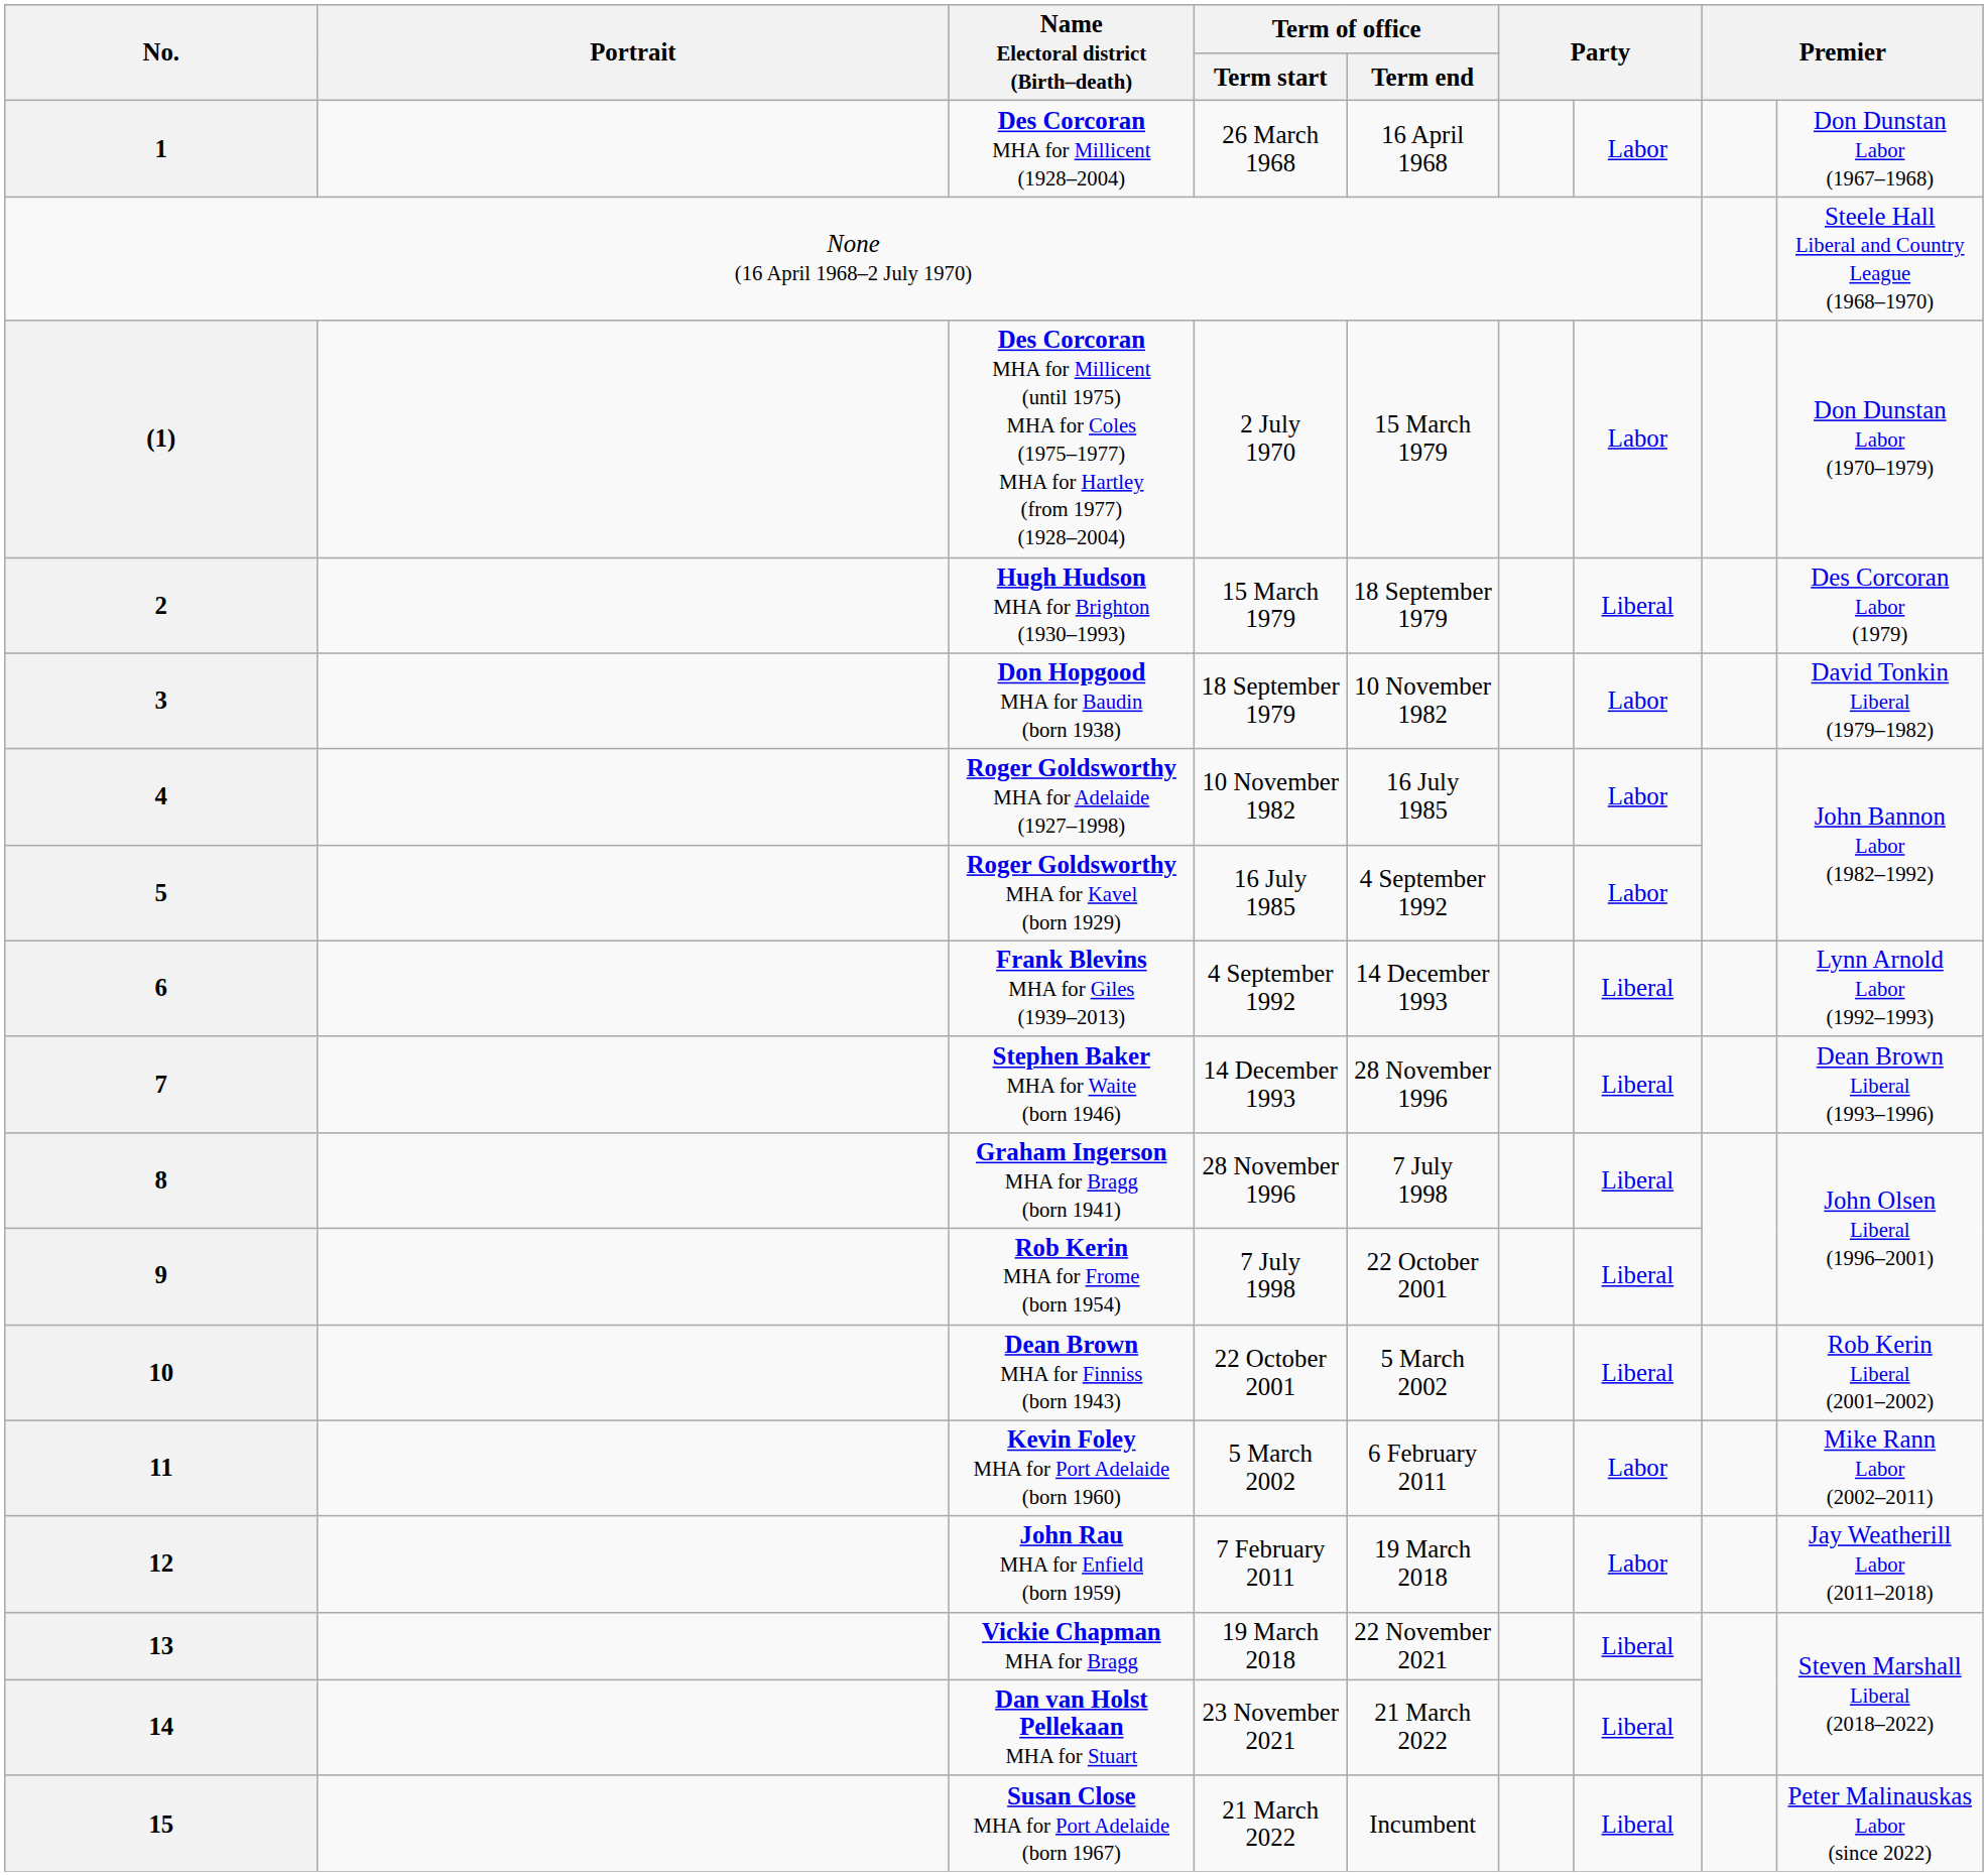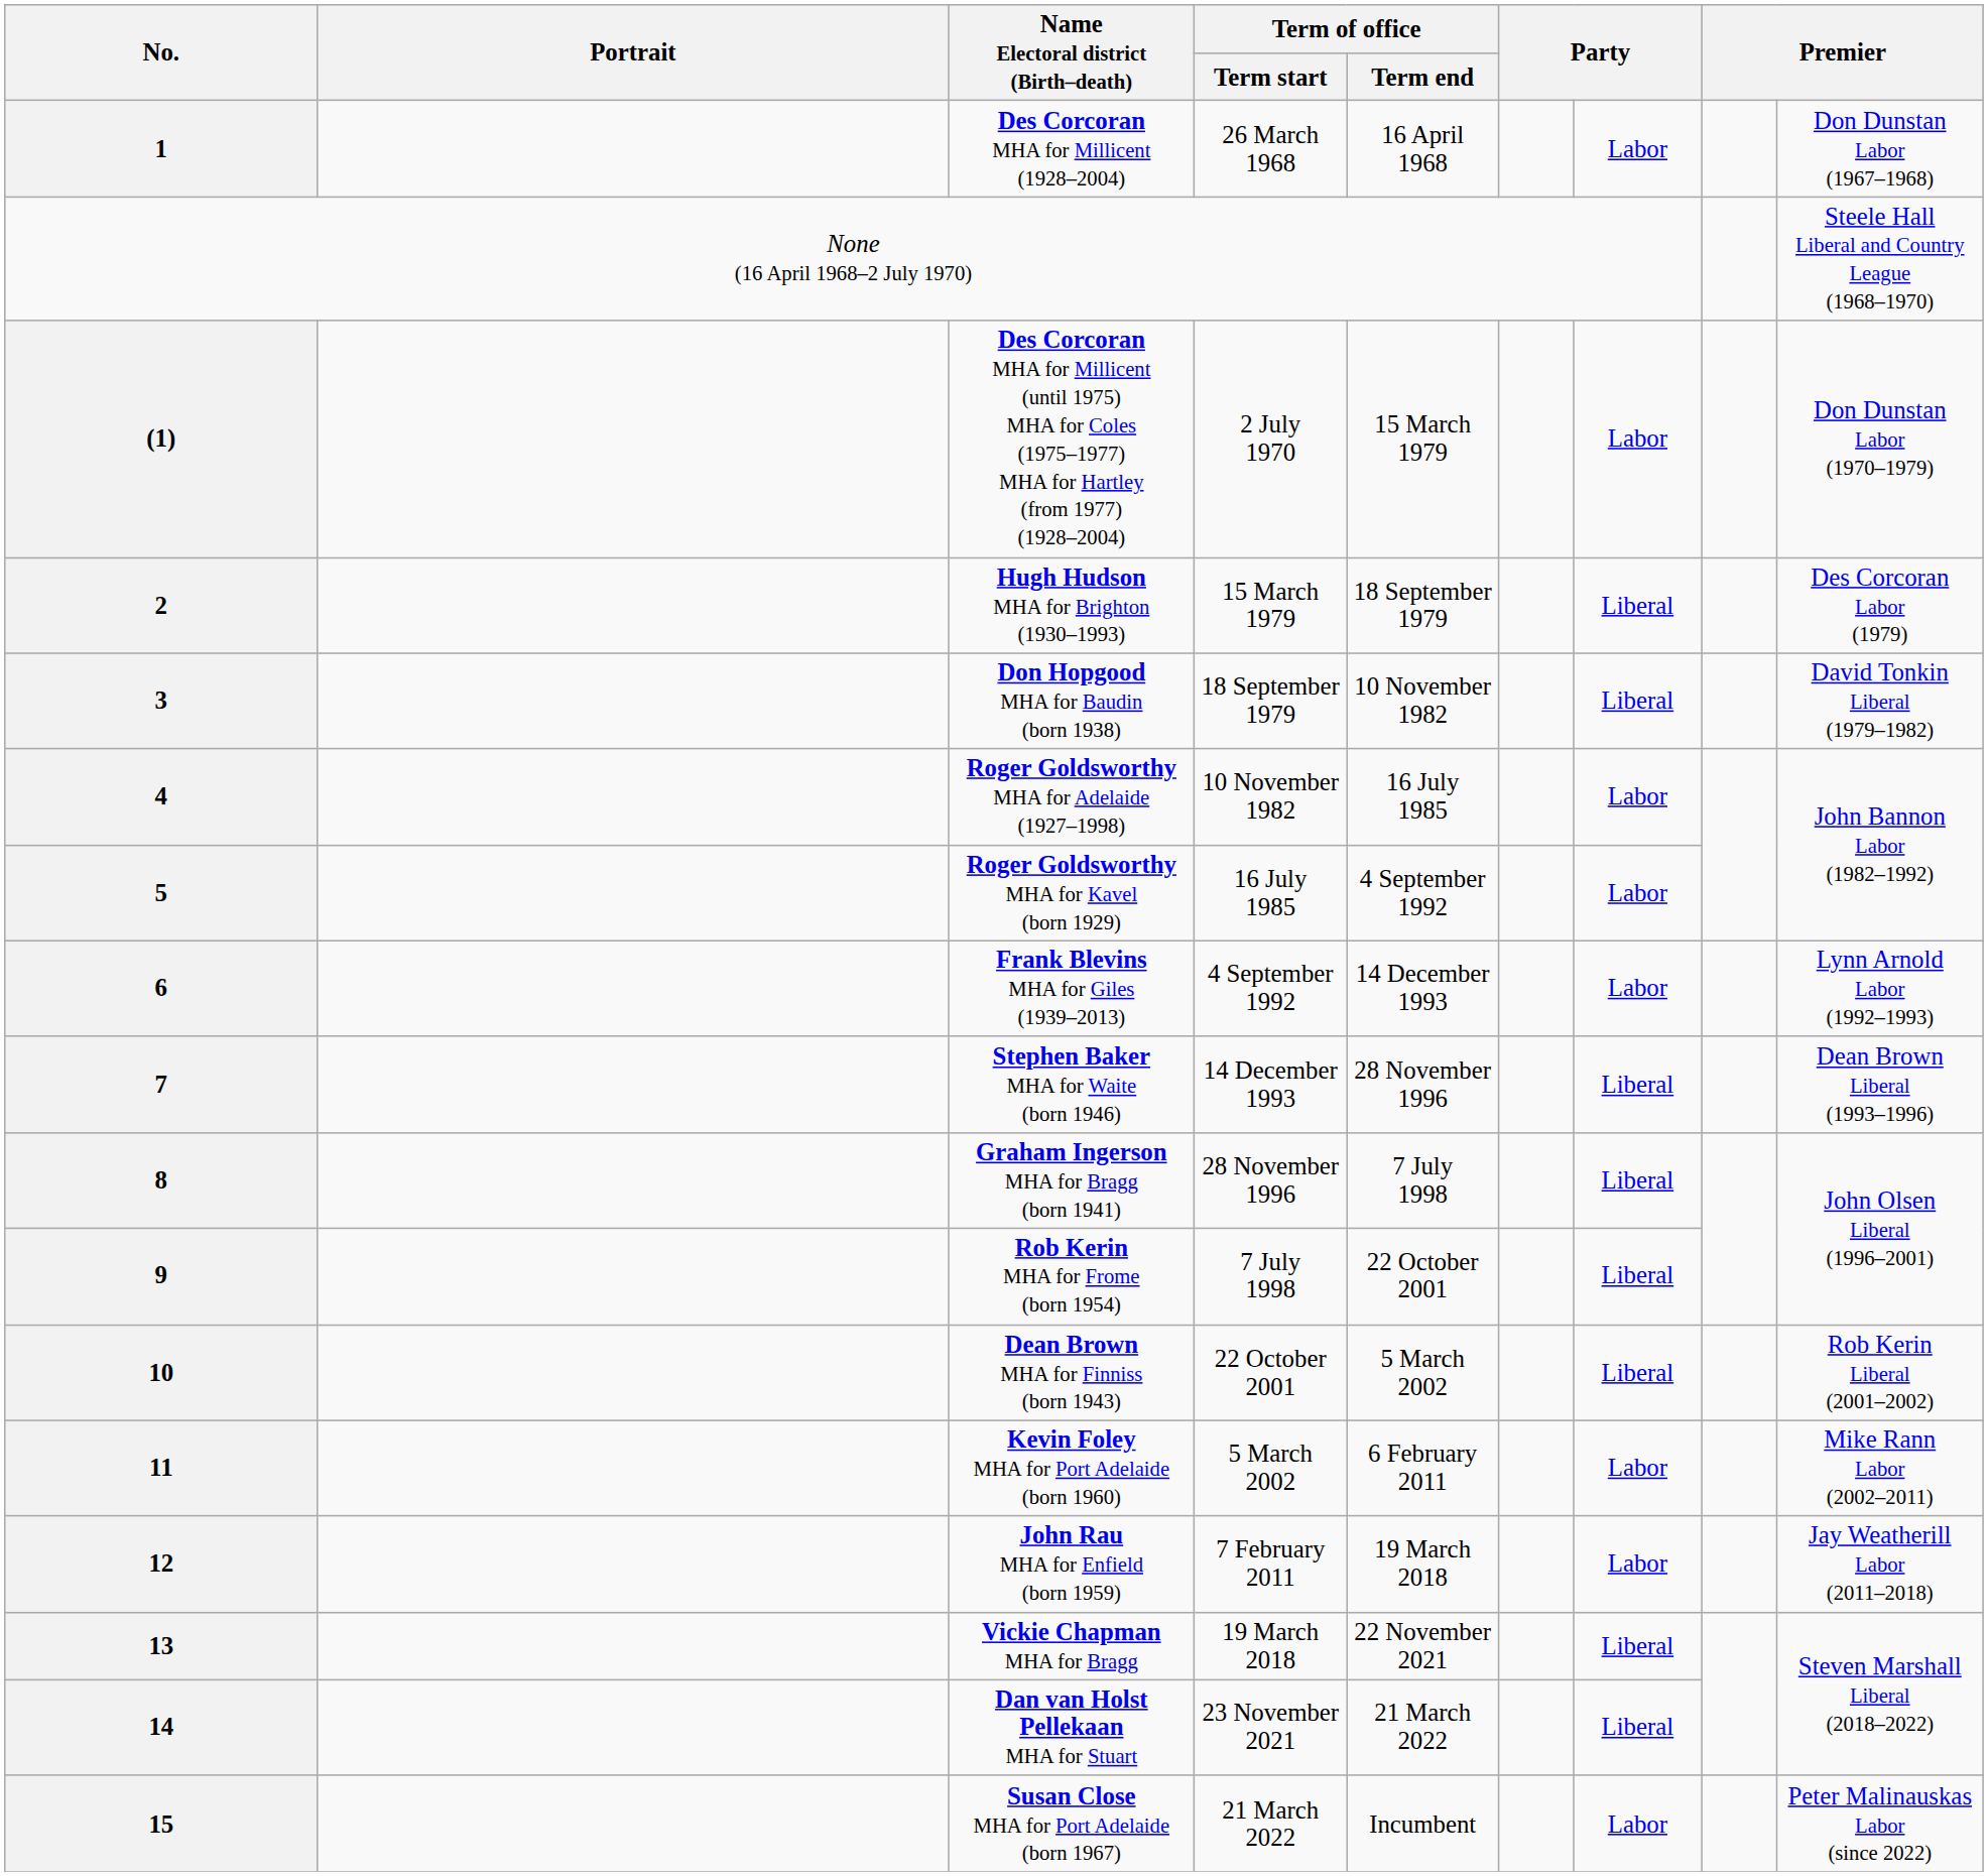 <table class="wikitable" style="text-align:center;" width="80%">
 <tr>
 <th rowspan="2">No.</th>
 <th rowspan="2" scope="col">Portrait</th>
 <th rowspan="2" scope="col"  width="150px">Name<br><small>Electoral district<br>(Birth–death)</small></th>
 <th colspan="2" scope="col">Term of office</th>
 <th colspan="2" rowspan="2">Party</th>
 <th colspan="2" rowspan="2">Premier</th>
 </tr>
 <tr>
 <th width="90px">Term start</th>
 <th width="90px">Term end</th>
 </tr>
 <tr>
 <th>1</th>
 <td></td>
 <td><strong><a href='#'>Des Corcoran</a></strong><br><small>MHA for <a href='#'>Millicent</a></small><br><small>(1928–2004)</small></td>
 <td>26 March<br>1968</td>
 <td>16 April<br>1968</td>
 <td style="background:"></td>
 <td width="75px"><a href='#'>Labor</a></td>
 <td style="background:"></td>
 <td width="125px"><a href='#'>Don Dunstan</a><br><a href='#'><small>Labor</small></a><br><small>(1967–1968)</small></td>
 </tr>
 <tr>
 <td colspan="7"><em>None</em><br><small>(16 April 1968–2 July 1970)</small></td>
 <td style="background:"></td>
 <td><a href='#'>Steele Hall</a><br><small><a href='#'>Liberal and Country League</a></small><br><small>(1968–1970)</small></td>
 </tr>
 <tr>
 <th>(1)</th>
 <td></td>
 <td><strong><a href='#'>Des Corcoran</a></strong><br><small>MHA for <a href='#'>Millicent</a><br>(until 1975)<br>MHA for <a href='#'>Coles</a><br>(1975–1977)<br>MHA for <a href='#'>Hartley</a><br>(from 1977)</small><br><small>(1928–2004)</small></td>
 <td>2 July<br>1970</td>
 <td>15 March<br>1979</td>
 <td style="background:"></td>
 <td><a href='#'>Labor</a></td>
 <td style="background:"></td>
 <td><a href='#'>Don Dunstan</a><br><a href='#'><small>Labor</small></a><br><small>(1970–1979)</small></td>
 </tr>
 <tr>
 <th>2</th>
 <td></td>
 <td><a href='#'><strong>Hugh Hudson</strong></a><br><small>MHA for <a href='#'>Brighton</a></small><br><small>(1930–1993)</small></td>
 <td>15 March<br>1979</td>
 <td>18 September<br>1979</td>
 <td style="background:"></td>
 <td><a href='#'>Liberal</a></td>
 <td style="background:"></td>
 <td><a href='#'>Des Corcoran</a><br><a href='#'><small>Labor</small></a><br><small>(1979)</small></td>
 </tr>
 <tr>
 <th>3</th>
 <td></td>
 <td><strong><a href='#'>Don Hopgood</a></strong><br><small>MHA for <a href='#'>Baudin</a></small><br><small>(born 1938)</small></td>
 <td>18 September<br>1979</td>
 <td>10 November<br>1982</td>
 <td style="background:"></td>
-<td><a href='#'>Labor</a></td>
+<td><a href='#'>Liberal</a></td>
 <td style="background:"></td>
 <td><a href='#'>David Tonkin</a><br><a href='#'><small>Liberal</small></a><br><small>(1979–1982)</small></td>
 </tr>
 <tr>
 <th>4</th>
 <td></td>
 <td><a href='#'><strong>Roger Goldsworthy</strong></a><br><small>MHA for <a href='#'>Adelaide</a></small><br><small>(1927–1998)</small></td>
 <td>10 November<br>1982</td>
 <td>16 July<br>1985</td>
 <td style="background:"></td>
 <td><a href='#'>Labor</a></td>
 <td rowspan="2" style="background:"></td>
 <td rowspan="2"><a href='#'>John Bannon</a><br><a href='#'><small>Labor</small></a><br><small>(1982–1992)</small></td>
 </tr>
 <tr>
 <th>5</th>
 <td></td>
 <td><a href='#'><strong>Roger Goldsworthy</strong></a><br><small>MHA for <a href='#'>Kavel</a></small><br><small>(born 1929)</small></td>
 <td>16 July<br>1985</td>
 <td>4 September<br>1992</td>
 <td style="background:"></td>
 <td><a href='#'>Labor</a></td>
 </tr>
 <tr>
 <th>6</th>
 <td></td>
 <td><strong><a href='#'>Frank Blevins</a></strong><br><small>MHA for <a href='#'>Giles</a></small><br><small>(1939–2013)</small></td>
 <td>4 September<br>1992</td>
 <td>14 December<br>1993</td>
 <td style="background:"></td>
-<td><a href='#'>Liberal</a></td>
+<td><a href='#'>Labor</a></td>
 <td style="background:"></td>
 <td><a href='#'>Lynn Arnold</a><br><a href='#'><small>Labor</small></a><br><small>(1992–1993)</small></td>
 </tr>
 <tr>
 <th>7</th>
 <td></td>
 <td><a href='#'><strong>Stephen Baker</strong></a><br><small>MHA for <a href='#'>Waite</a></small><br><small>(born 1946)</small></td>
 <td>14 December<br>1993</td>
 <td>28 November<br>1996</td>
 <td style="background:"></td>
 <td><a href='#'>Liberal</a></td>
 <td style="background:"></td>
 <td><a href='#'>Dean Brown</a><br><a href='#'><small>Liberal</small></a><br><small>(1993–1996)</small></td>
 </tr>
 <tr>
 <th>8</th>
 <td></td>
 <td><strong><a href='#'>Graham Ingerson</a></strong><br><small>MHA for <a href='#'>Bragg</a></small><br><small>(born 1941)</small></td>
 <td>28 November<br>1996</td>
 <td>7 July<br>1998</td>
 <td style="background:"></td>
 <td><a href='#'>Liberal</a></td>
 <td rowspan="2" style="background:"></td>
 <td rowspan="2"><a href='#'>John Olsen</a><br><a href='#'><small>Liberal</small></a><br><small>(1996–2001)</small></td>
 </tr>
 <tr>
 <th>9</th>
 <td></td>
 <td><strong><a href='#'>Rob Kerin</a></strong><br><small>MHA for <a href='#'>Frome</a></small><br><small>(born 1954)</small></td>
 <td>7 July<br>1998</td>
 <td>22 October<br>2001</td>
 <td style="background:"></td>
 <td><a href='#'>Liberal</a></td>
 </tr>
 <tr>
 <th>10</th>
 <td></td>
 <td><strong><a href='#'>Dean Brown</a></strong><br><small>MHA for <a href='#'>Finniss</a></small><br><small>(born 1943)</small></td>
 <td>22 October<br>2001</td>
 <td>5 March<br>2002</td>
 <td style="background:"></td>
 <td><a href='#'>Liberal</a></td>
 <td style="background:"></td>
 <td><a href='#'>Rob Kerin</a><br><a href='#'><small>Liberal</small></a><br><small>(2001–2002)</small></td>
 </tr>
 <tr>
 <th>11</th>
 <td></td>
 <td><a href='#'><strong>Kevin Foley</strong></a><br><small>MHA for <a href='#'>Port Adelaide</a></small><br><small>(born 1960)</small></td>
 <td>5 March<br>2002</td>
 <td>6 February<br>2011</td>
 <td style="background:"></td>
 <td><a href='#'>Labor</a></td>
 <td style="background:"></td>
 <td><a href='#'>Mike Rann</a><br><a href='#'><small>Labor</small></a><br><small>(2002–2011)</small></td>
 </tr>
 <tr>
 <th>12</th>
 <td></td>
 <td><strong><a href='#'>John Rau</a></strong><br><small>MHA for <a href='#'>Enfield</a></small><br><small>(born 1959)</small></td>
 <td>7 February<br>2011</td>
 <td>19 March<br>2018</td>
 <td style="background:"></td>
 <td><a href='#'>Labor</a></td>
 <td style="background:"></td>
 <td><a href='#'>Jay Weatherill</a><br><a href='#'><small>Labor</small></a><br><small>(2011–2018)</small></td>
 </tr>
 <tr>
 <th>13</th>
 <td></td>
 <td><strong><a href='#'>Vickie Chapman</a></strong><br><small>MHA for <a href='#'>Bragg</a></small></td>
 <td>19 March<br>2018</td>
 <td>22 November<br>2021</td>
 <td style="background:"></td>
 <td><a href='#'>Liberal</a></td>
 <td rowspan="2" style="background:"></td>
 <td rowspan="2"><a href='#'>Steven Marshall</a><br><a href='#'><small>Liberal</small></a><br><small>(2018–2022)</small></td>
 </tr>
 <tr>
 <th>14</th>
 <td></td>
 <td><strong><a href='#'>Dan van Holst Pellekaan</a></strong><br><small>MHA for <a href='#'>Stuart</a></small></td>
 <td>23 November<br>2021</td>
 <td>21 March<br>2022</td>
 <td style="background:"></td>
 <td><a href='#'>Liberal</a></td>
 </tr>
 <tr>
 <th>15</th>
 <td></td>
 <td><strong><a href='#'>Susan Close</a></strong><br><small>MHA for <a href='#'>Port Adelaide</a></small><br><small>(born 1967)</small></td>
 <td>21 March<br>2022</td>
 <td>Incumbent</td>
 <td style="background:"></td>
-<td><a href='#'>Liberal</a></td>
+<td><a href='#'>Labor</a></td>
 <td style="background:"></td>
 <td><a href='#'>Peter Malinauskas</a><br><a href='#'><small>Labor</small></a><br><small>(since 2022)</small></td>
 </tr>
 </table>
